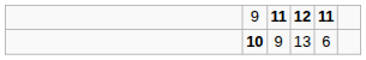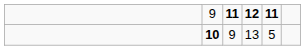 <table class="wikitable">
 <tr>
 <td style="width:15em"></td>
 <td align=center style="width:1em">9</td>
 <td align=center style="width:1em"><strong>11</strong></td>
 <td align=center style="width:1em"><strong>12</strong></td>
 <td align=center style="width:1em"><strong>11</strong></td>
 <td align=center style="width:1em"></td>
 </tr>
 <tr>
 <td style="width:15em"></td>
 <td align=center style="width:1em"><strong>10</strong></td>
 <td align=center style="width:1em">9</td>
 <td align=center style="width:1em">13</td>
-<td align=center style="width:1em">6</td>
+<td align=center style="width:1em">5</td>
 <td align=center style="width:1em"></td>
 </tr>
 </table>
